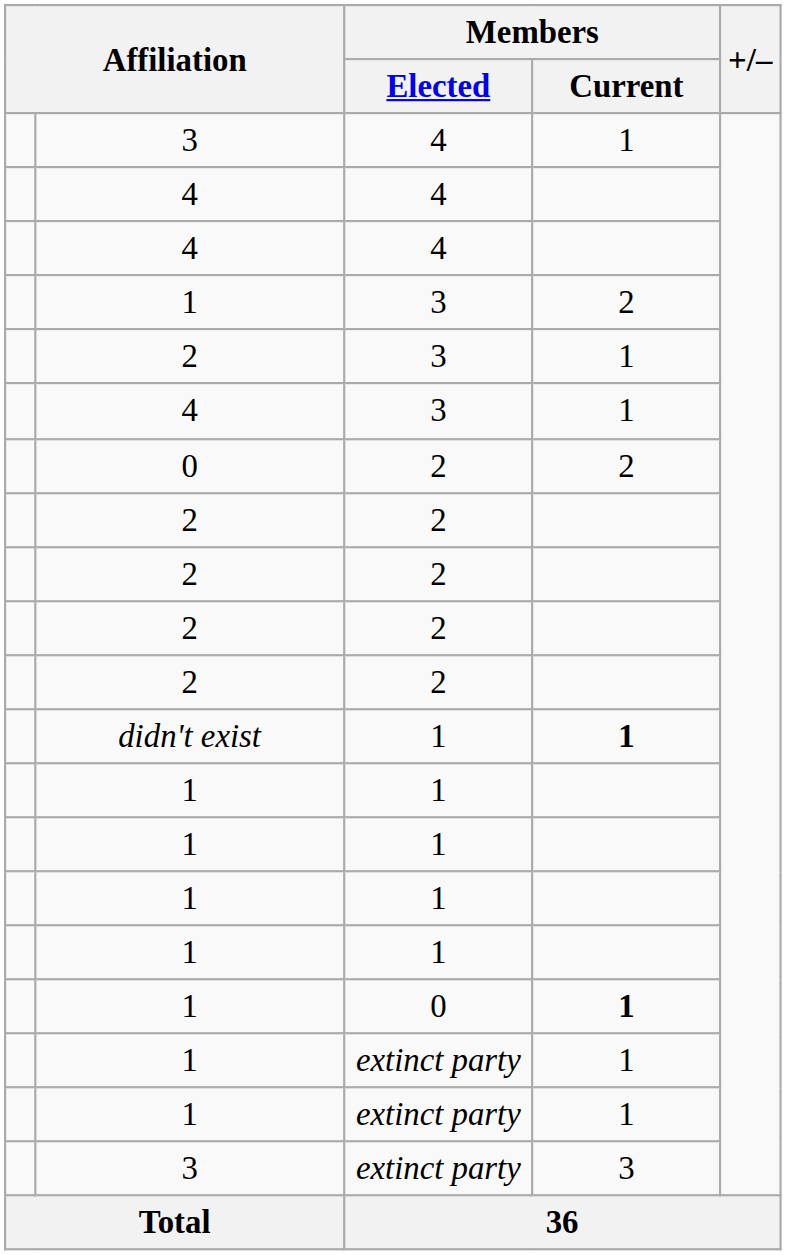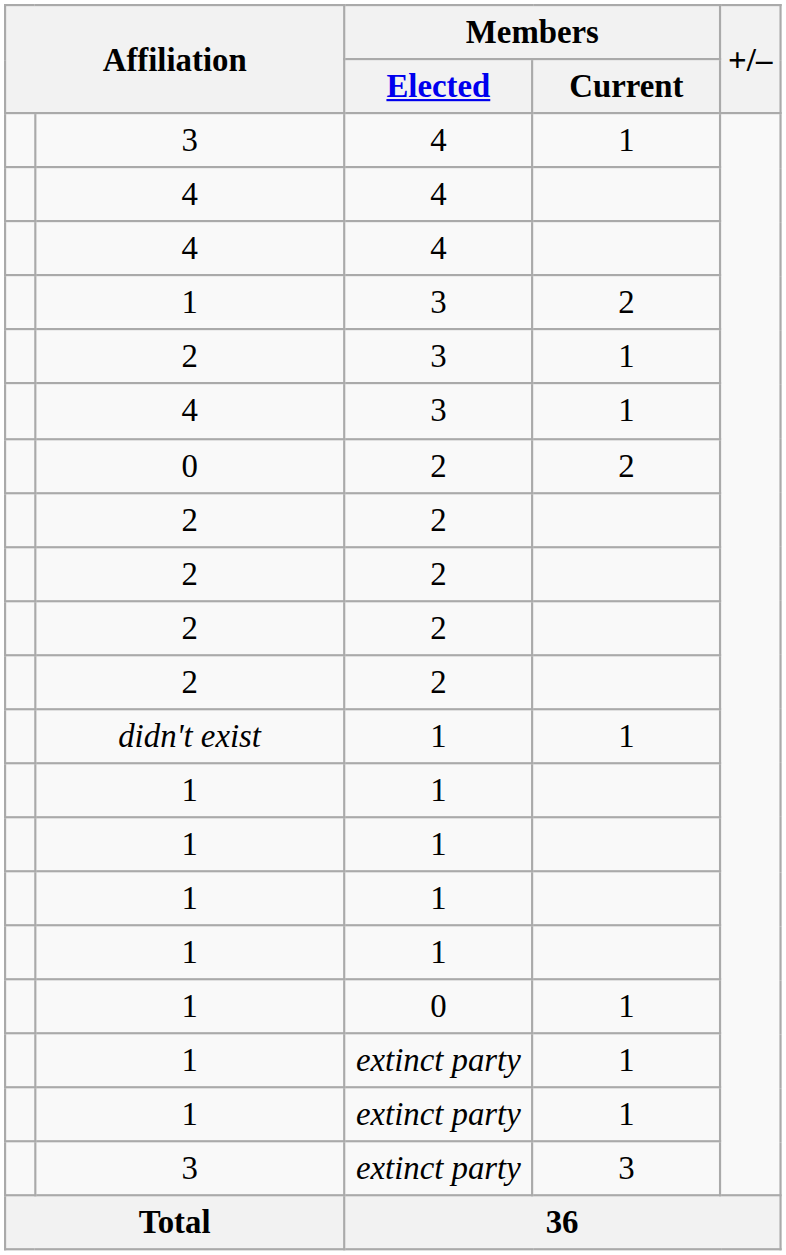 <table class="wikitable" border="1" style="font-size: 95%; text-align: center;">
 <tr>
 <th colspan="2" rowspan="2" class="unsortable" style="text-align: center; vertical-align: middle; width: 150px;">Affiliation</th>
 <th colspan="2" style="vertical-align: top;">Members</th>
 <th rowspan="2">+/–</th>
 </tr>
 <tr>
 <th data-sort-type="number" style="width: 80px;"><a href='#'>Elected</a></th>
 <th style="width: 80px;">Current</th>
 </tr>
 <tr>
 <td></td>
 <td>3</td>
 <td>4</td>
 <td>1</td>
 </tr>
 <tr>
 <td></td>
 <td>4</td>
 <td>4</td>
 <td></td>
 </tr>
 <tr>
 <td></td>
 <td>4</td>
 <td>4</td>
 <td></td>
 </tr>
 <tr>
 <td></td>
 <td>1</td>
 <td>3</td>
 <td>2</td>
 </tr>
 <tr>
 <td></td>
 <td>2</td>
 <td>3</td>
 <td>1</td>
 </tr>
 <tr>
 <td></td>
 <td>4</td>
 <td>3</td>
 <td>1</td>
 </tr>
 <tr>
 <td></td>
 <td>0</td>
 <td>2</td>
 <td>2</td>
 </tr>
 <tr>
 <td></td>
 <td>2</td>
 <td>2</td>
 <td></td>
 </tr>
 <tr>
 <td></td>
 <td>2</td>
 <td>2</td>
 <td></td>
 </tr>
 <tr>
 <td></td>
 <td>2</td>
 <td>2</td>
 <td></td>
 </tr>
 <tr>
 <td></td>
 <td>2</td>
 <td>2</td>
 <td></td>
 </tr>
 <tr>
 <td></td>
 <td><em>didn't exist</em></td>
 <td>1</td>
-<td><strong>1</strong></td>
+<td>1</td>
 </tr>
 <tr>
 <td></td>
 <td>1</td>
 <td>1</td>
 <td></td>
 </tr>
 <tr>
 <td></td>
 <td>1</td>
 <td>1</td>
 <td></td>
 </tr>
 <tr>
 <td></td>
 <td>1</td>
 <td>1</td>
 <td></td>
 </tr>
 <tr>
 <td></td>
 <td>1</td>
 <td>1</td>
 <td></td>
 </tr>
 <tr>
 <td></td>
 <td>1</td>
 <td>0</td>
-<td><strong>1</strong></td>
+<td>1</td>
 </tr>
 <tr>
 <td></td>
 <td>1</td>
 <td><em>extinct party</em></td>
 <td>1</td>
 </tr>
 <tr>
 <td></td>
 <td>1</td>
 <td><em>extinct party</em></td>
 <td>1</td>
 </tr>
 <tr>
 <td></td>
 <td>3</td>
 <td><em>extinct party</em></td>
 <td>3</td>
 </tr>
 <tr>
 <th colspan="2">Total</th>
 <th colspan="3">36</th>
 </tr>
 </table>
